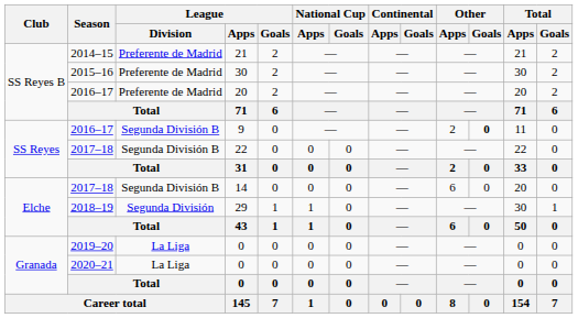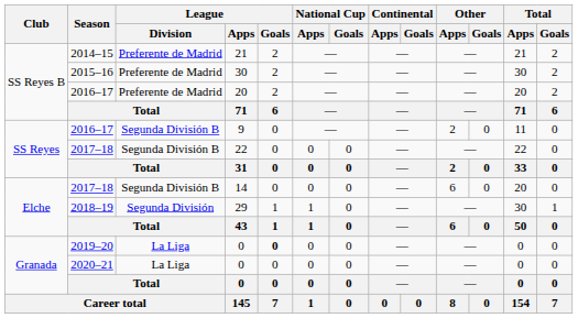 <table class="wikitable" style="text-align:center">
 <tr>
 <th rowspan="2">Club</th>
 <th rowspan="2">Season</th>
 <th colspan="3">League</th>
 <th colspan="2">National Cup</th>
 <th colspan="2">Continental</th>
 <th colspan="2">Other</th>
 <th colspan="2">Total</th>
 </tr>
 <tr>
 <th>Division</th>
 <th>Apps</th>
 <th>Goals</th>
 <th>Apps</th>
 <th>Goals</th>
 <th>Apps</th>
 <th>Goals</th>
 <th>Apps</th>
 <th>Goals</th>
 <th>Apps</th>
 <th>Goals</th>
 </tr>
 <tr>
 <td rowspan="4">SS Reyes B</td>
 <td>2014–15</td>
 <td><a href='#'>Preferente de Madrid</a></td>
 <td>21</td>
 <td>2</td>
 <td colspan="2">—</td>
 <td colspan="2">—</td>
 <td colspan="2">—</td>
 <td>21</td>
 <td>2</td>
 </tr>
 <tr>
 <td>2015–16</td>
 <td>Preferente de Madrid</td>
 <td>30</td>
 <td>2</td>
 <td colspan="2">—</td>
 <td colspan="2">—</td>
 <td colspan="2">—</td>
 <td>30</td>
 <td>2</td>
 </tr>
 <tr>
 <td>2016–17</td>
 <td>Preferente de Madrid</td>
 <td>20</td>
 <td>2</td>
 <td colspan="2">—</td>
 <td colspan="2">—</td>
 <td colspan="2">—</td>
 <td>20</td>
 <td>2</td>
 </tr>
 <tr>
 <th colspan="2">Total</th>
 <th>71</th>
 <th>6</th>
 <th colspan="2">—</th>
 <th colspan="2">—</th>
 <th colspan="2">—</th>
 <th>71</th>
 <th>6</th>
 </tr>
 <tr>
 <td rowspan="3"><a href='#'>SS Reyes</a></td>
 <td><a href='#'>2016–17</a></td>
 <td><a href='#'>Segunda División B</a></td>
 <td>9</td>
 <td>0</td>
 <td colspan="2">—</td>
 <td colspan="2">—</td>
 <td>2</td>
-<td><strong>0</strong></td>
+<td>0</td>
 <td>11</td>
 <td>0</td>
 </tr>
 <tr>
 <td><a href='#'>2017–18</a></td>
 <td>Segunda División B</td>
 <td>22</td>
 <td>0</td>
 <td>0</td>
 <td>0</td>
 <td colspan="2">—</td>
 <td colspan="2">—</td>
 <td>22</td>
 <td>0</td>
 </tr>
 <tr>
 <th colspan="2">Total</th>
 <th>31</th>
 <th>0</th>
 <th>0</th>
 <th>0</th>
 <th colspan="2">—</th>
 <th>2</th>
 <th>0</th>
 <th>33</th>
 <th>0</th>
 </tr>
 <tr>
 <td rowspan="3"><a href='#'>Elche</a></td>
 <td><a href='#'>2017–18</a></td>
 <td>Segunda División B</td>
 <td>14</td>
 <td>0</td>
 <td>0</td>
 <td>0</td>
 <td colspan="2">—</td>
 <td>6</td>
 <td>0</td>
 <td>20</td>
 <td>0</td>
 </tr>
 <tr>
 <td><a href='#'>2018–19</a></td>
 <td><a href='#'>Segunda División</a></td>
 <td>29</td>
 <td>1</td>
 <td>1</td>
 <td>0</td>
 <td colspan="2">—</td>
 <td colspan="2">—</td>
 <td>30</td>
 <td>1</td>
 </tr>
 <tr>
 <th colspan="2">Total</th>
 <th>43</th>
 <th>1</th>
 <th>1</th>
 <th>0</th>
 <th colspan="2">—</th>
 <th>6</th>
 <th>0</th>
 <th>50</th>
 <th>0</th>
 </tr>
 <tr>
 <td rowspan="3"><a href='#'>Granada</a></td>
 <td><a href='#'>2019–20</a></td>
 <td><a href='#'>La Liga</a></td>
 <td>0</td>
-<td>0</td>
+<td><strong>0</strong></td>
 <td>0</td>
 <td>0</td>
 <td colspan="2">—</td>
 <td colspan="2">—</td>
 <td>0</td>
 <td>0</td>
 </tr>
 <tr>
 <td><a href='#'>2020–21</a></td>
 <td>La Liga</td>
 <td>0</td>
 <td>0</td>
 <td>0</td>
 <td>0</td>
 <td colspan="2">—</td>
 <td colspan="2">—</td>
 <td>0</td>
 <td>0</td>
 </tr>
 <tr>
 <th colspan="2">Total</th>
 <th>0</th>
 <th>0</th>
 <th>0</th>
 <th>0</th>
 <th colspan="2">—</th>
 <th colspan="2">—</th>
 <th>0</th>
 <th>0</th>
 </tr>
 <tr>
 <th colspan="3">Career total</th>
 <th>145</th>
 <th>7</th>
 <th>1</th>
 <th>0</th>
 <th>0</th>
 <th>0</th>
 <th>8</th>
 <th>0</th>
 <th>154</th>
 <th>7</th>
 </tr>
 </table>
